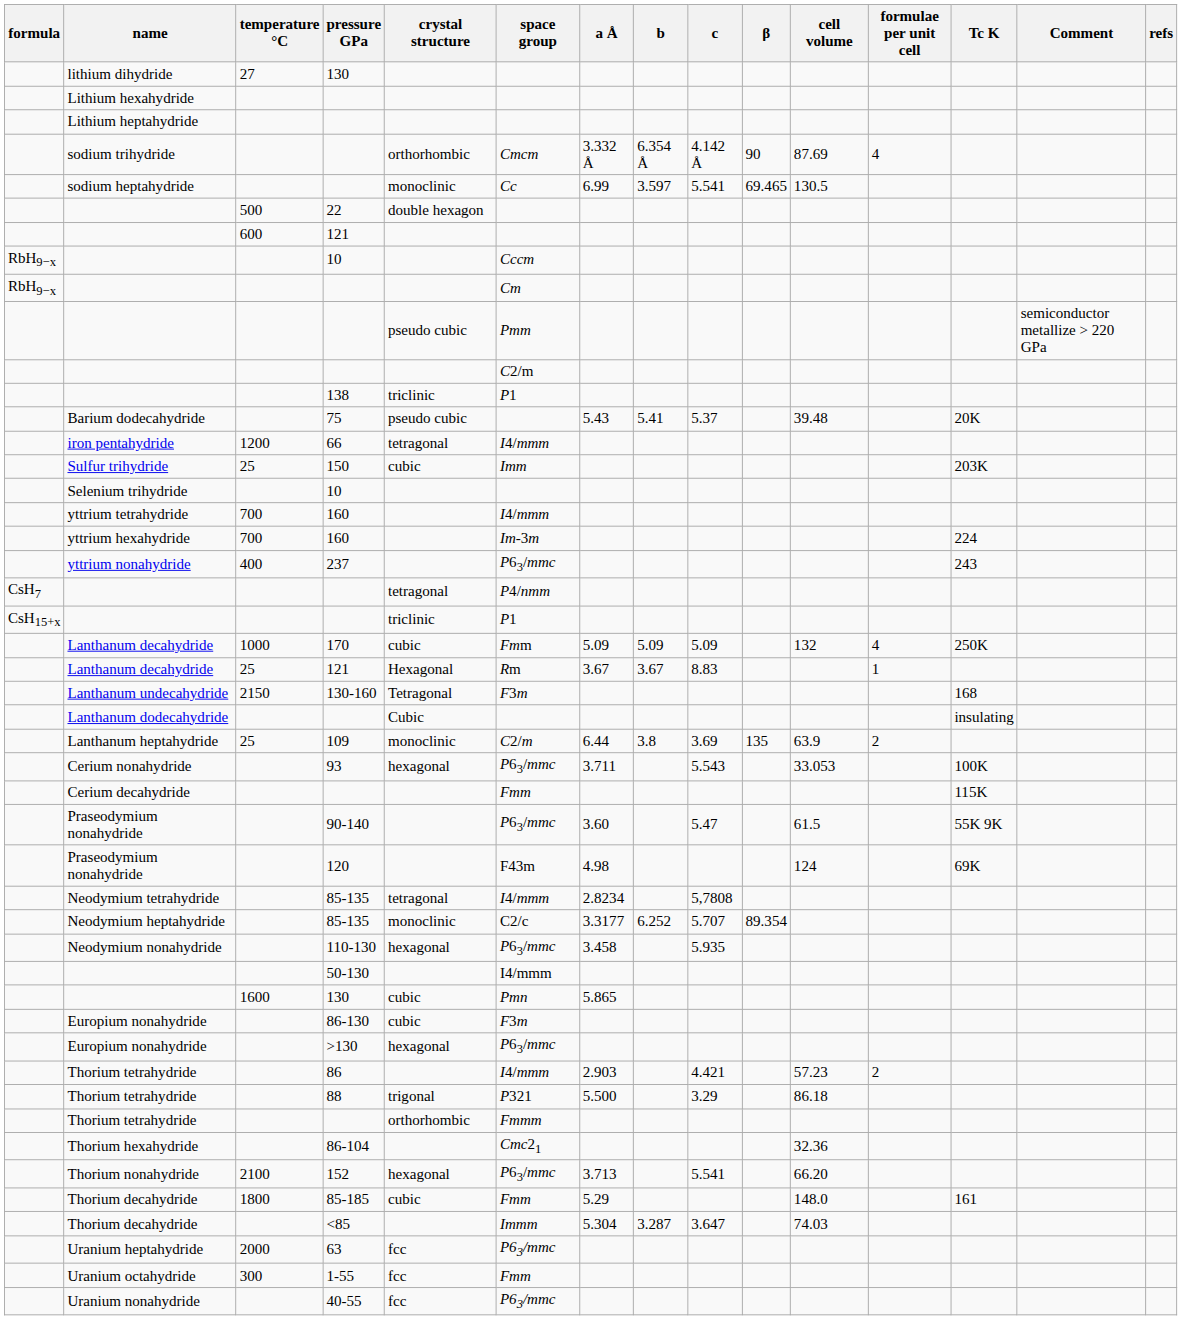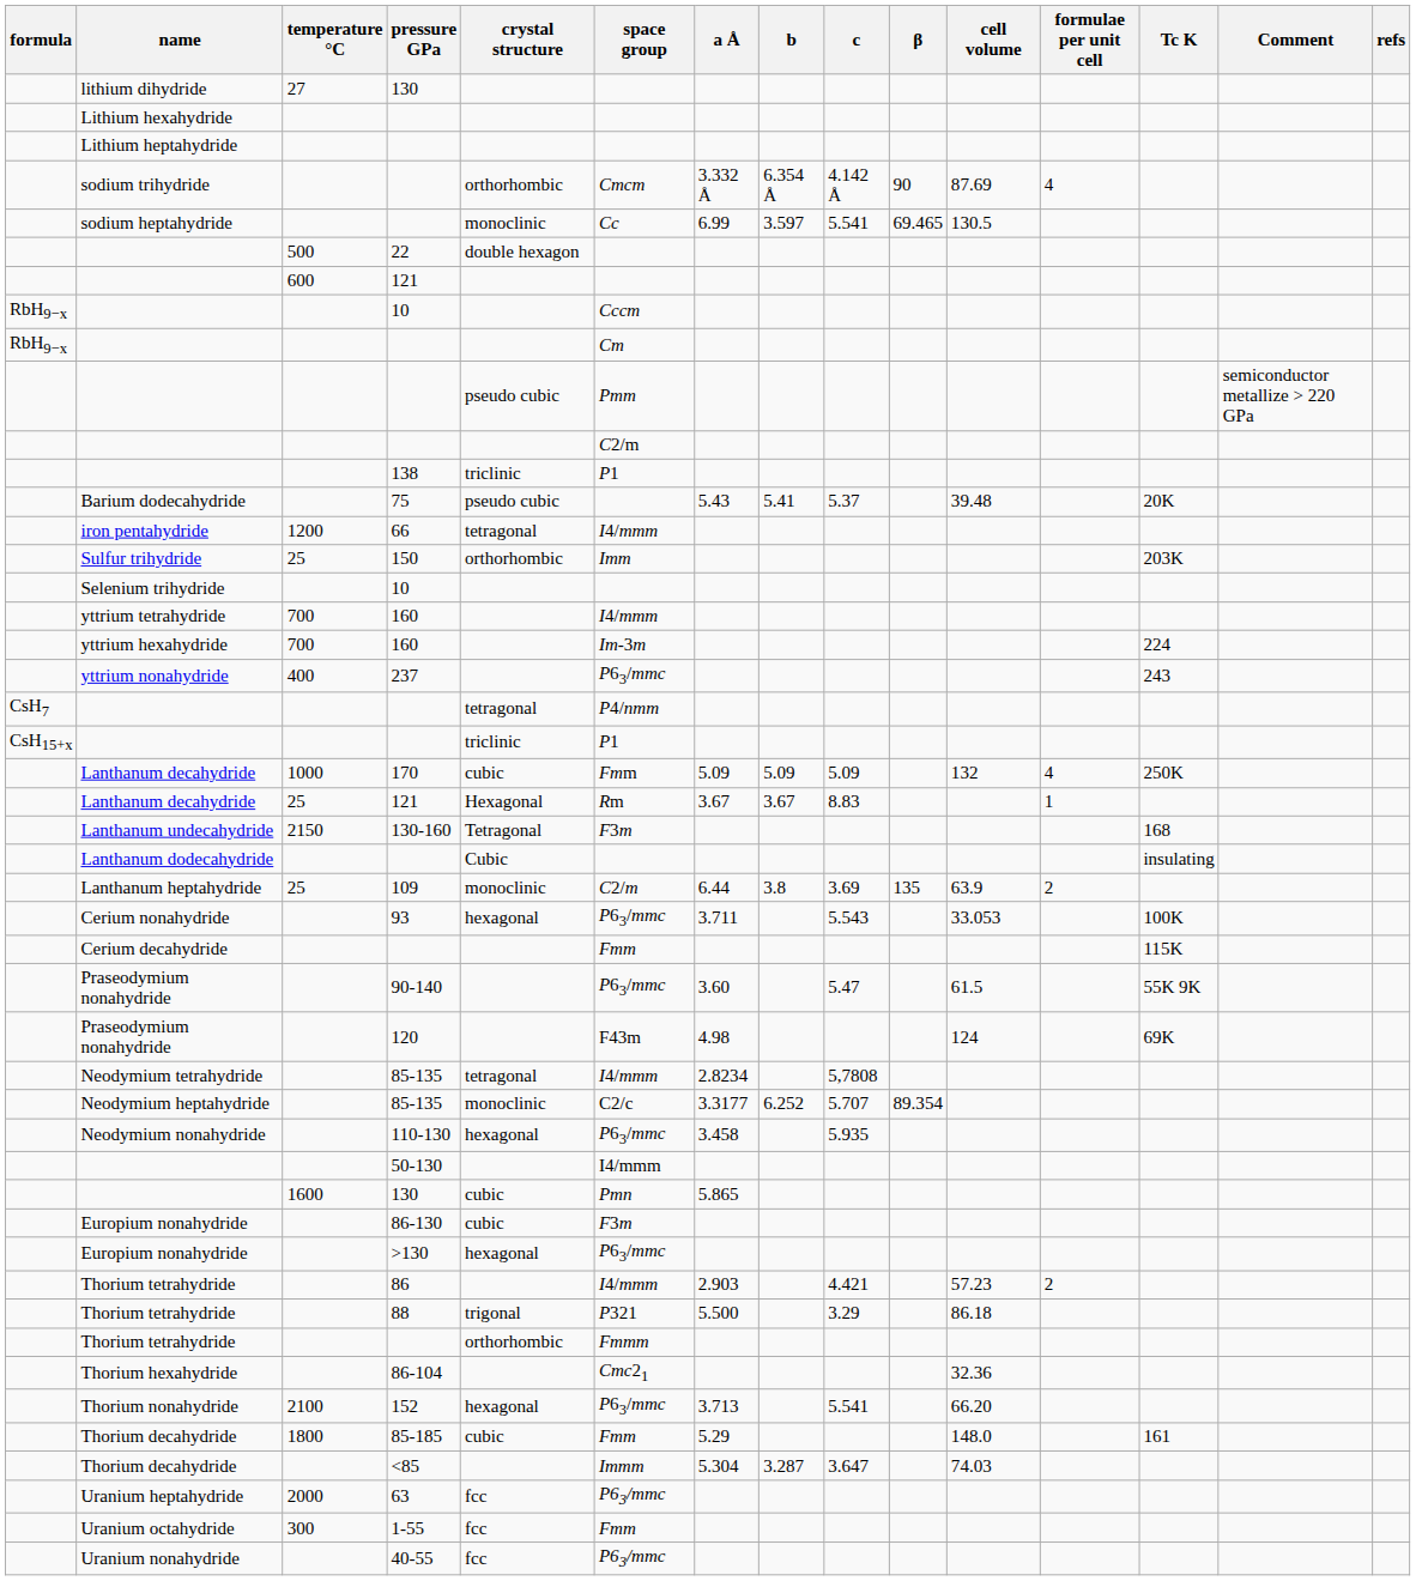 <table class="wikitable">
 <tr>
 <th>formula</th>
 <th>name</th>
 <th>temperature<br>°C</th>
 <th>pressure<br>GPa</th>
 <th>crystal structure</th>
 <th>space group</th>
 <th>a Å</th>
 <th>b</th>
 <th>c</th>
 <th>β</th>
 <th>cell volume</th>
 <th>formulae<br>per unit cell</th>
 <th>Tc K</th>
 <th>Comment</th>
 <th>refs</th>
 </tr>
 <tr>
 <td></td>
 <td>lithium dihydride</td>
 <td>27</td>
 <td>130</td>
 <td></td>
 <td></td>
 <td></td>
 <td></td>
 <td></td>
 <td></td>
 <td></td>
 <td></td>
 <td></td>
 <td></td>
 <td></td>
 </tr>
 <tr>
 <td></td>
 <td>Lithium hexahydride</td>
 <td></td>
 <td></td>
 <td></td>
 <td></td>
 <td></td>
 <td></td>
 <td></td>
 <td></td>
 <td></td>
 <td></td>
 <td></td>
 <td></td>
 <td></td>
 </tr>
 <tr>
 <td></td>
 <td>Lithium heptahydride</td>
 <td></td>
 <td></td>
 <td></td>
 <td></td>
 <td></td>
 <td></td>
 <td></td>
 <td></td>
 <td></td>
 <td></td>
 <td></td>
 <td></td>
 <td></td>
 </tr>
 <tr>
 <td></td>
 <td>sodium trihydride</td>
 <td></td>
 <td></td>
 <td>orthorhombic</td>
 <td><em>Cmcm</em></td>
 <td>3.332 Å</td>
 <td>6.354 Å</td>
 <td>4.142 Å</td>
 <td>90</td>
 <td>87.69</td>
 <td>4</td>
 <td></td>
 <td></td>
 <td></td>
 </tr>
 <tr>
 <td></td>
 <td>sodium heptahydride</td>
 <td></td>
 <td></td>
 <td>monoclinic</td>
 <td><em>Cc</em></td>
 <td>6.99</td>
 <td>3.597</td>
 <td>5.541</td>
 <td>69.465</td>
 <td>130.5</td>
 <td></td>
 <td></td>
 <td></td>
 <td></td>
 </tr>
 <tr>
 <td></td>
 <td></td>
 <td>500</td>
 <td>22</td>
 <td>double hexagon</td>
 <td></td>
 <td></td>
 <td></td>
 <td></td>
 <td></td>
 <td></td>
 <td></td>
 <td></td>
 <td></td>
 <td></td>
 </tr>
 <tr>
 <td></td>
 <td></td>
 <td>600</td>
 <td>121</td>
 <td></td>
 <td></td>
 <td></td>
 <td></td>
 <td></td>
 <td></td>
 <td></td>
 <td></td>
 <td></td>
 <td></td>
 <td></td>
 </tr>
 <tr>
 <td>RbH<sub>9−x</sub></td>
 <td></td>
 <td></td>
 <td>10</td>
 <td></td>
 <td><em>Cccm</em></td>
 <td></td>
 <td></td>
 <td></td>
 <td></td>
 <td></td>
 <td></td>
 <td></td>
 <td></td>
 <td></td>
 </tr>
 <tr>
 <td>RbH<sub>9−x</sub></td>
 <td></td>
 <td></td>
 <td></td>
 <td></td>
 <td><em>Cm</em></td>
 <td></td>
 <td></td>
 <td></td>
 <td></td>
 <td></td>
 <td></td>
 <td></td>
 <td></td>
 <td></td>
 </tr>
 <tr>
 <td></td>
 <td></td>
 <td></td>
 <td></td>
 <td>pseudo cubic</td>
 <td><em>Pm</em><em>m</em></td>
 <td></td>
 <td></td>
 <td></td>
 <td></td>
 <td></td>
 <td></td>
 <td></td>
 <td>semiconductor<br>metallize > 220 GPa</td>
 <td></td>
 </tr>
 <tr>
 <td></td>
 <td></td>
 <td></td>
 <td></td>
 <td></td>
 <td><em>C</em>2/m</td>
 <td></td>
 <td></td>
 <td></td>
 <td></td>
 <td></td>
 <td></td>
 <td></td>
 <td></td>
 <td></td>
 </tr>
 <tr>
 <td></td>
 <td></td>
 <td></td>
 <td>138</td>
 <td>triclinic</td>
 <td><em>P</em>1</td>
 <td></td>
 <td></td>
 <td></td>
 <td></td>
 <td></td>
 <td></td>
 <td></td>
 <td></td>
 <td></td>
 </tr>
 <tr>
 <td></td>
 <td>Barium dodecahydride</td>
 <td></td>
 <td>75</td>
 <td>pseudo cubic</td>
 <td></td>
 <td>5.43</td>
 <td>5.41</td>
 <td>5.37</td>
 <td></td>
 <td>39.48</td>
 <td></td>
 <td>20K</td>
 <td></td>
 <td></td>
 </tr>
 <tr>
 <td></td>
 <td><a href='#'>iron pentahydride</a></td>
 <td>1200</td>
 <td>66</td>
 <td>tetragonal</td>
 <td><em>I</em>4/<em>mmm</em></td>
 <td></td>
 <td></td>
 <td></td>
 <td></td>
 <td></td>
 <td></td>
 <td></td>
 <td></td>
 <td></td>
 </tr>
 <tr>
 <td></td>
 <td><a href='#'>Sulfur trihydride</a></td>
 <td>25</td>
 <td>150</td>
-<td>cubic</td>
+<td>orthorhombic</td>
 <td><em>Im</em><em>m</em></td>
 <td></td>
 <td></td>
 <td></td>
 <td></td>
 <td></td>
 <td></td>
 <td>203K</td>
 <td></td>
 <td></td>
 </tr>
 <tr>
 <td></td>
 <td>Selenium trihydride</td>
 <td></td>
 <td>10</td>
 <td></td>
 <td></td>
 <td></td>
 <td></td>
 <td></td>
 <td></td>
 <td></td>
 <td></td>
 <td></td>
 <td></td>
 <td></td>
 </tr>
 <tr>
 <td></td>
 <td>yttrium tetrahydride</td>
 <td>700</td>
 <td>160</td>
 <td></td>
 <td><em>I</em>4/<em>mmm</em></td>
 <td></td>
 <td></td>
 <td></td>
 <td></td>
 <td></td>
 <td></td>
 <td></td>
 <td></td>
 <td></td>
 </tr>
 <tr>
 <td></td>
 <td>yttrium hexahydride</td>
 <td>700</td>
 <td>160</td>
 <td></td>
 <td><em>Im</em>-3<em>m</em></td>
 <td></td>
 <td></td>
 <td></td>
 <td></td>
 <td></td>
 <td></td>
 <td>224</td>
 <td></td>
 <td></td>
 </tr>
 <tr>
 <td></td>
 <td><a href='#'>yttrium nonahydride</a></td>
 <td>400</td>
 <td>237</td>
 <td></td>
 <td><em>P</em>6<sub>3</sub>/<em>mmc</em></td>
 <td></td>
 <td></td>
 <td></td>
 <td></td>
 <td></td>
 <td></td>
 <td>243</td>
 <td></td>
 <td></td>
 </tr>
 <tr>
 <td>CsH<sub>7</sub></td>
 <td></td>
 <td></td>
 <td></td>
 <td>tetragonal</td>
 <td><em>P</em>4/<em>nmm</em></td>
 <td></td>
 <td></td>
 <td></td>
 <td></td>
 <td></td>
 <td></td>
 <td></td>
 <td></td>
 <td></td>
 </tr>
 <tr>
 <td>CsH<sub>15+x</sub></td>
 <td></td>
 <td></td>
 <td></td>
 <td>triclinic</td>
 <td><em>P</em>1</td>
 <td></td>
 <td></td>
 <td></td>
 <td></td>
 <td></td>
 <td></td>
 <td></td>
 <td></td>
 <td></td>
 </tr>
 <tr>
 <td></td>
 <td><a href='#'>Lanthanum decahydride</a></td>
 <td>1000</td>
 <td>170</td>
 <td>cubic</td>
 <td><em>Fm</em>m</td>
 <td>5.09</td>
 <td>5.09</td>
 <td>5.09</td>
 <td></td>
 <td>132</td>
 <td>4</td>
 <td>250K</td>
 <td></td>
 <td></td>
 </tr>
 <tr>
 <td></td>
 <td><a href='#'>Lanthanum decahydride</a></td>
 <td>25</td>
 <td>121</td>
 <td>Hexagonal</td>
 <td><em>R</em>m</td>
 <td>3.67</td>
 <td>3.67</td>
 <td>8.83</td>
 <td></td>
 <td></td>
 <td>1</td>
 <td></td>
 <td></td>
 <td></td>
 </tr>
 <tr>
 <td></td>
 <td><a href='#'>Lanthanum undecahydride</a></td>
 <td>2150</td>
 <td>130-160</td>
 <td>Tetragonal</td>
 <td><em>F</em>3<em>m</em></td>
 <td></td>
 <td></td>
 <td></td>
 <td></td>
 <td></td>
 <td></td>
 <td>168</td>
 <td></td>
 <td></td>
 </tr>
 <tr>
 <td></td>
 <td><a href='#'>Lanthanum dodecahydride</a></td>
 <td></td>
 <td></td>
 <td>Cubic</td>
 <td></td>
 <td></td>
 <td></td>
 <td></td>
 <td></td>
 <td></td>
 <td></td>
 <td>insulating</td>
 <td></td>
 <td></td>
 </tr>
 <tr>
 <td></td>
 <td>Lanthanum heptahydride</td>
 <td>25</td>
 <td>109</td>
 <td>monoclinic</td>
 <td><em>C</em>2/<em>m</em></td>
 <td>6.44</td>
 <td>3.8</td>
 <td>3.69</td>
 <td>135</td>
 <td>63.9</td>
 <td>2</td>
 <td></td>
 <td></td>
 <td></td>
 </tr>
 <tr>
 <td></td>
 <td>Cerium nonahydride</td>
 <td></td>
 <td>93</td>
 <td>hexagonal</td>
 <td><em>P</em>6<sub>3</sub>/<em>mmc</em></td>
 <td>3.711</td>
 <td></td>
 <td>5.543</td>
 <td></td>
 <td>33.053</td>
 <td></td>
 <td>100K</td>
 <td></td>
 <td></td>
 </tr>
 <tr>
 <td></td>
 <td>Cerium decahydride</td>
 <td></td>
 <td></td>
 <td></td>
 <td><em>Fm</em><em>m</em></td>
 <td></td>
 <td></td>
 <td></td>
 <td></td>
 <td></td>
 <td></td>
 <td>115K</td>
 <td></td>
 <td></td>
 </tr>
 <tr>
 <td></td>
 <td>Praseodymium nonahydride</td>
 <td></td>
 <td>90-140</td>
 <td></td>
 <td><em>P</em>6<sub>3</sub>/<em>mmc</em></td>
 <td>3.60</td>
 <td></td>
 <td>5.47</td>
 <td></td>
 <td>61.5</td>
 <td></td>
 <td>55K 9K</td>
 <td></td>
 <td></td>
 </tr>
 <tr>
 <td></td>
 <td>Praseodymium nonahydride</td>
 <td></td>
 <td>120</td>
 <td></td>
 <td>F43m</td>
 <td>4.98</td>
 <td></td>
 <td></td>
 <td></td>
 <td>124</td>
 <td></td>
 <td>69K</td>
 <td></td>
 <td></td>
 </tr>
 <tr>
 <td></td>
 <td>Neodymium tetrahydride</td>
 <td></td>
 <td>85-135</td>
 <td>tetragonal</td>
 <td><em>I</em>4/<em>mmm</em></td>
 <td>2.8234</td>
 <td></td>
 <td>5,7808</td>
 <td></td>
 <td></td>
 <td></td>
 <td></td>
 <td></td>
 <td></td>
 </tr>
 <tr>
 <td></td>
 <td>Neodymium heptahydride</td>
 <td></td>
 <td>85-135</td>
 <td>monoclinic</td>
 <td>C2/c</td>
 <td>3.3177</td>
 <td>6.252</td>
 <td>5.707</td>
 <td>89.354</td>
 <td></td>
 <td></td>
 <td></td>
 <td></td>
 <td></td>
 </tr>
 <tr>
 <td></td>
 <td>Neodymium nonahydride</td>
 <td></td>
 <td>110-130</td>
 <td>hexagonal</td>
 <td><em>P</em>6<sub>3</sub>/<em>mmc</em></td>
 <td>3.458</td>
 <td></td>
 <td>5.935</td>
 <td></td>
 <td></td>
 <td></td>
 <td></td>
 <td></td>
 <td></td>
 </tr>
 <tr>
 <td></td>
 <td></td>
 <td></td>
 <td>50-130</td>
 <td></td>
 <td>I4/mmm</td>
 <td></td>
 <td></td>
 <td></td>
 <td></td>
 <td></td>
 <td></td>
 <td></td>
 <td></td>
 <td></td>
 </tr>
 <tr>
 <td></td>
 <td></td>
 <td>1600</td>
 <td>130</td>
 <td>cubic</td>
 <td><em>Pm</em><em>n</em></td>
 <td>5.865</td>
 <td></td>
 <td></td>
 <td></td>
 <td></td>
 <td></td>
 <td></td>
 <td></td>
 <td></td>
 </tr>
 <tr>
 <td></td>
 <td>Europium nonahydride</td>
 <td></td>
 <td>86-130</td>
 <td>cubic</td>
 <td><em>F</em>3<em>m</em></td>
 <td></td>
 <td></td>
 <td></td>
 <td></td>
 <td></td>
 <td></td>
 <td></td>
 <td></td>
 <td></td>
 </tr>
 <tr>
 <td></td>
 <td>Europium nonahydride</td>
 <td></td>
 <td>>130</td>
 <td>hexagonal</td>
 <td><em>P</em>6<sub>3</sub>/<em>mmc</em></td>
 <td></td>
 <td></td>
 <td></td>
 <td></td>
 <td></td>
 <td></td>
 <td></td>
 <td></td>
 <td></td>
 </tr>
 <tr>
 <td></td>
 <td>Thorium tetrahydride</td>
 <td></td>
 <td>86</td>
 <td></td>
 <td><em>I</em>4/<em>mmm</em></td>
 <td>2.903</td>
 <td></td>
 <td>4.421</td>
 <td></td>
 <td>57.23</td>
 <td>2</td>
 <td></td>
 <td></td>
 <td></td>
 </tr>
 <tr>
 <td></td>
 <td>Thorium tetrahydride</td>
 <td></td>
 <td>88</td>
 <td>trigonal</td>
 <td><em>P</em>321</td>
 <td>5.500</td>
 <td></td>
 <td>3.29</td>
 <td></td>
 <td>86.18</td>
 <td></td>
 <td></td>
 <td></td>
 <td></td>
 </tr>
 <tr>
 <td></td>
 <td>Thorium tetrahydride</td>
 <td></td>
 <td></td>
 <td>orthorhombic</td>
 <td><em>Fmmm</em></td>
 <td></td>
 <td></td>
 <td></td>
 <td></td>
 <td></td>
 <td></td>
 <td></td>
 <td></td>
 <td></td>
 </tr>
 <tr>
 <td></td>
 <td>Thorium hexahydride</td>
 <td></td>
 <td>86-104</td>
 <td></td>
 <td><em>Cmc</em>2<sub>1</sub></td>
 <td></td>
 <td></td>
 <td></td>
 <td></td>
 <td>32.36</td>
 <td></td>
 <td></td>
 <td></td>
 <td></td>
 </tr>
 <tr>
 <td></td>
 <td>Thorium nonahydride</td>
 <td>2100</td>
 <td>152</td>
 <td>hexagonal</td>
 <td><em>P</em>6<sub>3</sub>/<em>mmc</em></td>
 <td>3.713</td>
 <td></td>
 <td>5.541</td>
 <td></td>
 <td>66.20</td>
 <td></td>
 <td></td>
 <td></td>
 <td></td>
 </tr>
 <tr>
 <td></td>
 <td>Thorium decahydride</td>
 <td>1800</td>
 <td>85-185</td>
 <td>cubic</td>
 <td><em>Fm</em><em>m</em></td>
 <td>5.29</td>
 <td></td>
 <td></td>
 <td></td>
 <td>148.0</td>
 <td></td>
 <td>161</td>
 <td></td>
 <td></td>
 </tr>
 <tr>
 <td></td>
 <td>Thorium decahydride</td>
 <td></td>
 <td><85</td>
 <td></td>
 <td><em>Immm</em></td>
 <td>5.304</td>
 <td>3.287</td>
 <td>3.647</td>
 <td></td>
 <td>74.03</td>
 <td></td>
 <td></td>
 <td></td>
 <td></td>
 </tr>
 <tr>
 <td></td>
 <td>Uranium heptahydride</td>
 <td>2000</td>
 <td>63</td>
 <td>fcc</td>
 <td><em>P6<sub>3</sub>/mmc</em></td>
 <td></td>
 <td></td>
 <td></td>
 <td></td>
 <td></td>
 <td></td>
 <td></td>
 <td></td>
 <td></td>
 </tr>
 <tr>
 <td></td>
 <td>Uranium octahydride</td>
 <td>300</td>
 <td>1-55</td>
 <td>fcc</td>
 <td><em>Fmm</em></td>
 <td></td>
 <td></td>
 <td></td>
 <td></td>
 <td></td>
 <td></td>
 <td></td>
 <td></td>
 <td></td>
 </tr>
 <tr>
 <td></td>
 <td>Uranium nonahydride</td>
 <td></td>
 <td>40-55</td>
 <td>fcc</td>
 <td><em>P6<sub>3</sub>/mmc</em></td>
 <td></td>
 <td></td>
 <td></td>
 <td></td>
 <td></td>
 <td></td>
 <td></td>
 <td></td>
 <td></td>
 </tr>
 </table>
